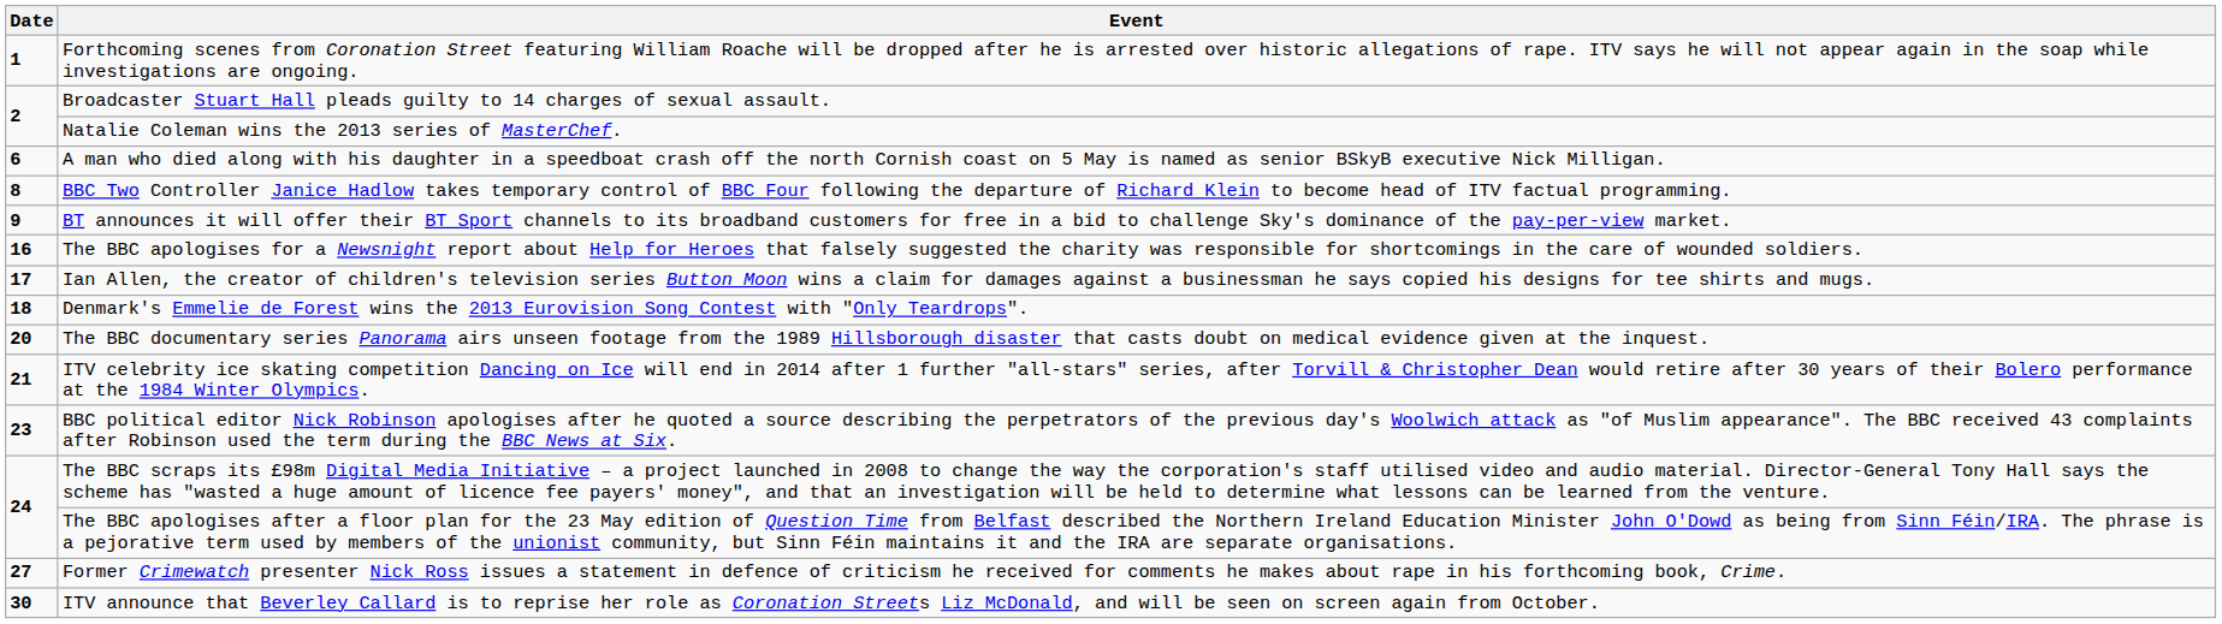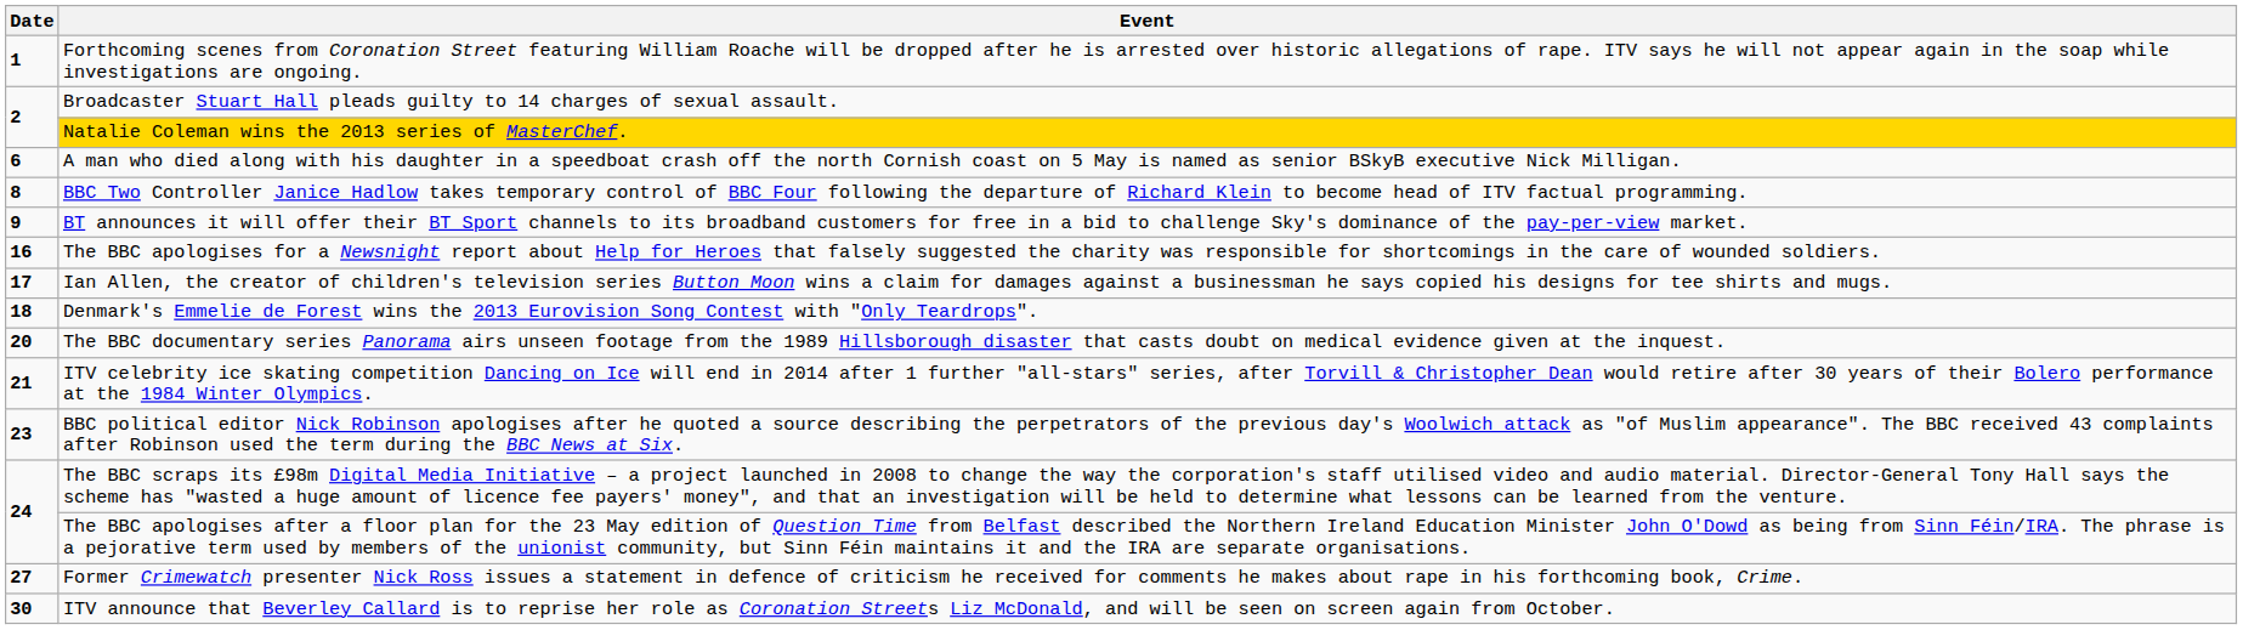 <table class="wikitable">
 <tr>
 <th>Date</th>
 <th>Event</th>
 </tr>
 <tr>
 <td><strong>1</strong></td>
 <td>Forthcoming scenes from <em>Coronation Street</em> featuring William Roache will be dropped after he is arrested over historic allegations of rape. ITV says he will not appear again in the soap while investigations are ongoing.</td>
 </tr>
 <tr>
 <td rowspan=2><strong>2</strong></td>
 <td>Broadcaster <a href='#'>Stuart Hall</a> pleads guilty to 14 charges of sexual assault.</td>
 </tr>
 <tr>
-<td>Natalie Coleman wins the 2013 series of <em><a href='#'>MasterChef</a></em>.</td>
+<td style="background: gold;">Natalie Coleman wins the 2013 series of <em><a href='#'>MasterChef</a></em>.</td>
 </tr>
 <tr>
 <td><strong>6</strong></td>
 <td>A man who died along with his daughter in a speedboat crash off the north Cornish coast on 5 May is named as senior BSkyB executive Nick Milligan.</td>
 </tr>
 <tr>
 <td><strong>8</strong></td>
 <td><a href='#'>BBC Two</a> Controller <a href='#'>Janice Hadlow</a> takes temporary control of <a href='#'>BBC Four</a> following the departure of <a href='#'>Richard Klein</a> to become head of ITV factual programming.</td>
 </tr>
 <tr>
 <td><strong>9</strong></td>
 <td><a href='#'>BT</a> announces it will offer their <a href='#'>BT Sport</a> channels to its broadband customers for free in a bid to challenge Sky's dominance of the <a href='#'>pay-per-view</a> market.</td>
 </tr>
 <tr>
 <td><strong>16</strong></td>
 <td>The BBC apologises for a <em><a href='#'>Newsnight</a></em> report about <a href='#'>Help for Heroes</a> that falsely suggested the charity was responsible for shortcomings in the care of wounded soldiers.</td>
 </tr>
 <tr>
 <td><strong>17</strong></td>
 <td>Ian Allen, the creator of children's television series <em><a href='#'>Button Moon</a></em> wins a claim for damages against a businessman he says copied his designs for tee shirts and mugs.</td>
 </tr>
 <tr>
 <td><strong>18</strong></td>
 <td>Denmark's <a href='#'>Emmelie de Forest</a> wins the <a href='#'>2013 Eurovision Song Contest</a> with "<a href='#'>Only Teardrops</a>".</td>
 </tr>
 <tr>
 <td><strong>20</strong></td>
 <td>The BBC documentary series <em><a href='#'>Panorama</a></em> airs unseen footage from the 1989 <a href='#'>Hillsborough disaster</a> that casts doubt on medical evidence given at the inquest.</td>
 </tr>
 <tr>
 <td><strong>21</strong></td>
 <td>ITV celebrity ice skating competition <a href='#'>Dancing on Ice</a> will end in 2014 after 1 further "all-stars" series, after <a href='#'>Torvill & Christopher Dean</a> would retire after 30 years of their <a href='#'>Bolero</a> performance at the <a href='#'>1984 Winter Olympics</a>.</td>
 </tr>
 <tr>
 <td><strong>23</strong></td>
 <td>BBC political editor <a href='#'>Nick Robinson</a> apologises after he quoted a source describing the perpetrators of the previous day's <a href='#'>Woolwich attack</a> as "of Muslim appearance". The BBC received 43 complaints after Robinson used the term during the <em><a href='#'>BBC News at Six</a></em>.</td>
 </tr>
 <tr>
 <td rowspan=2><strong>24</strong></td>
 <td>The BBC scraps its £98m <a href='#'>Digital Media Initiative</a> – a project launched in 2008 to change the way the corporation's staff utilised video and audio material. Director-General Tony Hall says the scheme has "wasted a huge amount of licence fee payers' money", and that an investigation will be held to determine what lessons can be learned from the venture.</td>
 </tr>
 <tr>
 <td>The BBC apologises after a floor plan for the 23 May edition of <em><a href='#'>Question Time</a></em> from <a href='#'>Belfast</a> described the Northern Ireland Education Minister <a href='#'>John O'Dowd</a> as being from <a href='#'>Sinn Féin</a>/<a href='#'>IRA</a>. The phrase is a pejorative term used by members of the <a href='#'>unionist</a> community, but Sinn Féin maintains it and the IRA are separate organisations.</td>
 </tr>
 <tr>
 <td><strong>27</strong></td>
 <td>Former <em><a href='#'>Crimewatch</a></em> presenter <a href='#'>Nick Ross</a> issues a statement in defence of criticism he received for comments he makes about rape in his forthcoming book, <em>Crime</em>.</td>
 </tr>
 <tr>
 <td><strong>30</strong></td>
 <td>ITV announce that <a href='#'>Beverley Callard</a> is to reprise her role as <em><a href='#'>Coronation Street</a></em>s <a href='#'>Liz McDonald</a>, and will be seen on screen again from October.</td>
 </tr>
 </table>
